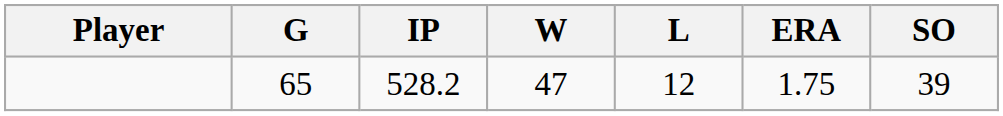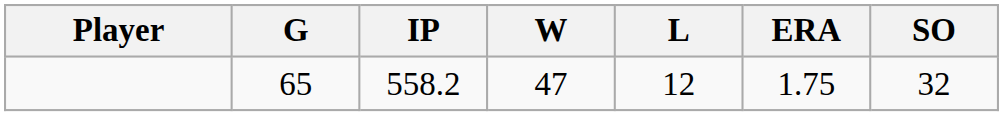 <table class="wikitable sortable">
 <tr>
 <th bgcolor="#DDDDFF" width="16%">Player</th>
 <th bgcolor="#DDDDFF" width="9%">G</th>
 <th bgcolor="#DDDDFF" width="9%">IP</th>
 <th bgcolor="#DDDDFF" width="9%">W</th>
 <th bgcolor="#DDDDFF" width="9%">L</th>
 <th bgcolor="#DDDDFF" width="9%">ERA</th>
 <th bgcolor="#DDDDFF" width="9%">SO</th>
 </tr>
 <tr align="center">
 <td></td>
 <td>65</td>
-<td>528.2</td>
+<td>558.2</td>
 <td>47</td>
 <td>12</td>
 <td>1.75</td>
-<td>39</td>
+<td>32</td>
 </tr>
 </table>
